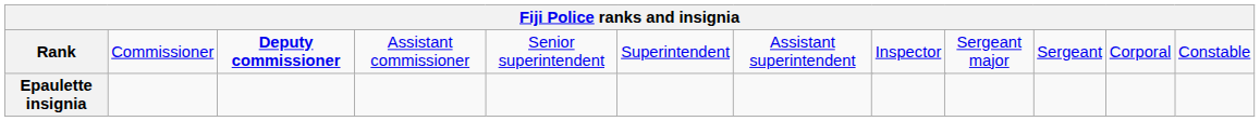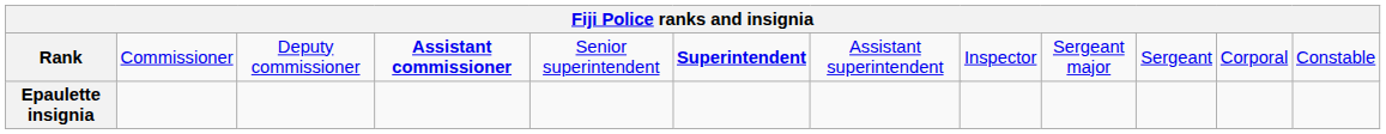 <table class="wikitable" style="text-align: center;">
 <tr>
 <th colspan=14><a href='#'>Fiji Police</a> ranks and insignia</th>
 </tr>
 <tr>
 <th>Rank</th>
 <td><a href='#'>Commissioner</a></td>
-<td><strong><a href='#'>Deputy commissioner</a></strong></td>
-<td><a href='#'>Assistant commissioner</a></td>
+<td><a href='#'>Deputy commissioner</a></td>
+<td><strong><a href='#'>Assistant commissioner</a></strong></td>
 <td><a href='#'>Senior superintendent</a></td>
-<td><a href='#'>Superintendent</a></td>
+<td><strong><a href='#'>Superintendent</a></strong></td>
 <td colspan=2><a href='#'>Assistant superintendent</a></td>
 <td colspan=2><a href='#'>Inspector</a></td>
 <td><a href='#'>Sergeant major</a></td>
 <td><a href='#'>Sergeant</a></td>
 <td><a href='#'>Corporal</a></td>
 <td><a href='#'>Constable</a></td>
 </tr>
 <tr>
 <th>Epaulette insignia</th>
 <td></td>
 <td></td>
 <td></td>
 <td></td>
 <td></td>
 <td colspan=2></td>
 <td colspan=2></td>
 <td></td>
 <td></td>
 <td></td>
 <td></td>
 </tr>
 </table>
